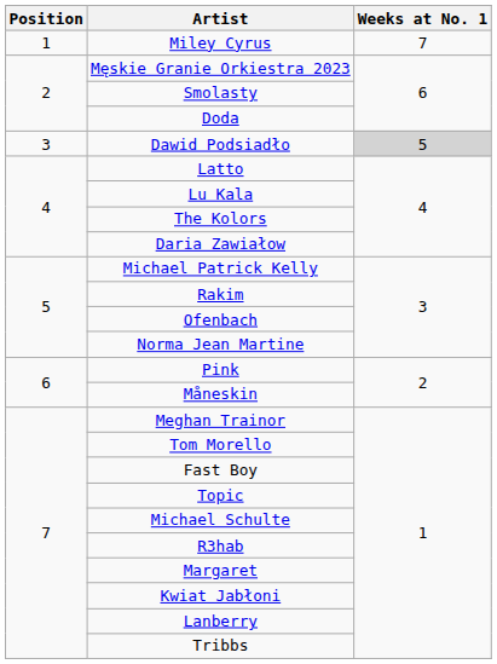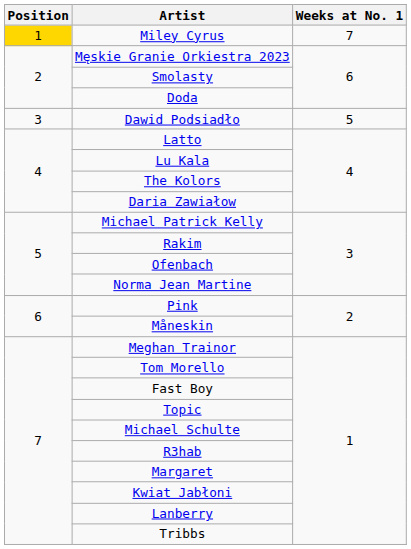 <table class="wikitable plainrowheaders" style="text-align:center;">
 <tr>
 <th>Position</th>
 <th>Artist</th>
 <th>Weeks at No. 1</th>
 </tr>
 <tr>
-<td>1</td>
+<td style="background: gold;">1</td>
 <td><a href='#'>Miley Cyrus</a></td>
 <td>7</td>
 </tr>
 <tr>
 <td rowspan="3">2</td>
 <td><a href='#'>Męskie Granie Orkiestra 2023</a></td>
 <td rowspan="3">6</td>
 </tr>
 <tr>
 <td><a href='#'>Smolasty</a></td>
 </tr>
 <tr>
 <td><a href='#'>Doda</a></td>
 </tr>
 <tr>
 <td>3</td>
 <td><a href='#'>Dawid Podsiadło</a></td>
-<td style="background: lightgrey;">5</td>
+<td>5</td>
 </tr>
 <tr>
 <td rowspan="4">4</td>
 <td><a href='#'>Latto</a></td>
 <td rowspan="4">4</td>
 </tr>
 <tr>
 <td><a href='#'>Lu Kala</a></td>
 </tr>
 <tr>
 <td><a href='#'>The Kolors</a></td>
 </tr>
 <tr>
 <td><a href='#'>Daria Zawiałow</a></td>
 </tr>
 <tr>
 <td rowspan="4">5</td>
 <td><a href='#'>Michael Patrick Kelly</a></td>
 <td rowspan="4">3</td>
 </tr>
 <tr>
 <td><a href='#'>Rakim</a></td>
 </tr>
 <tr>
 <td><a href='#'>Ofenbach</a></td>
 </tr>
 <tr>
 <td><a href='#'>Norma Jean Martine</a></td>
 </tr>
 <tr>
 <td rowspan="2">6</td>
 <td><a href='#'>Pink</a></td>
 <td rowspan="2">2</td>
 </tr>
 <tr>
 <td><a href='#'>Måneskin</a></td>
 </tr>
 <tr>
 <td rowspan="10">7</td>
 <td><a href='#'>Meghan Trainor</a></td>
 <td rowspan="10">1</td>
 </tr>
 <tr>
 <td><a href='#'>Tom Morello</a></td>
 </tr>
 <tr>
 <td>Fast Boy</td>
 </tr>
 <tr>
 <td><a href='#'>Topic</a></td>
 </tr>
 <tr>
 <td><a href='#'>Michael Schulte</a></td>
 </tr>
 <tr>
 <td><a href='#'>R3hab</a></td>
 </tr>
 <tr>
 <td><a href='#'>Margaret</a></td>
 </tr>
 <tr>
 <td><a href='#'>Kwiat Jabłoni</a></td>
 </tr>
 <tr>
 <td><a href='#'>Lanberry</a></td>
 </tr>
 <tr>
 <td>Tribbs</td>
 </tr>
 </table>
